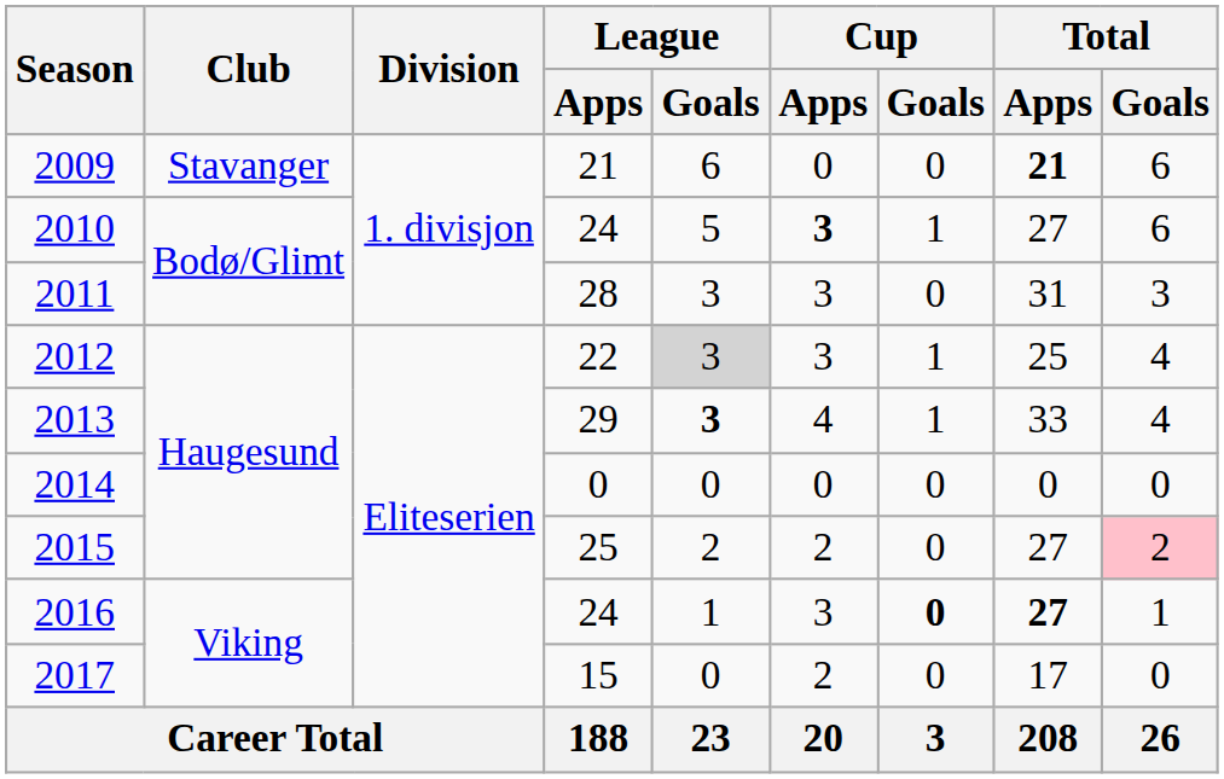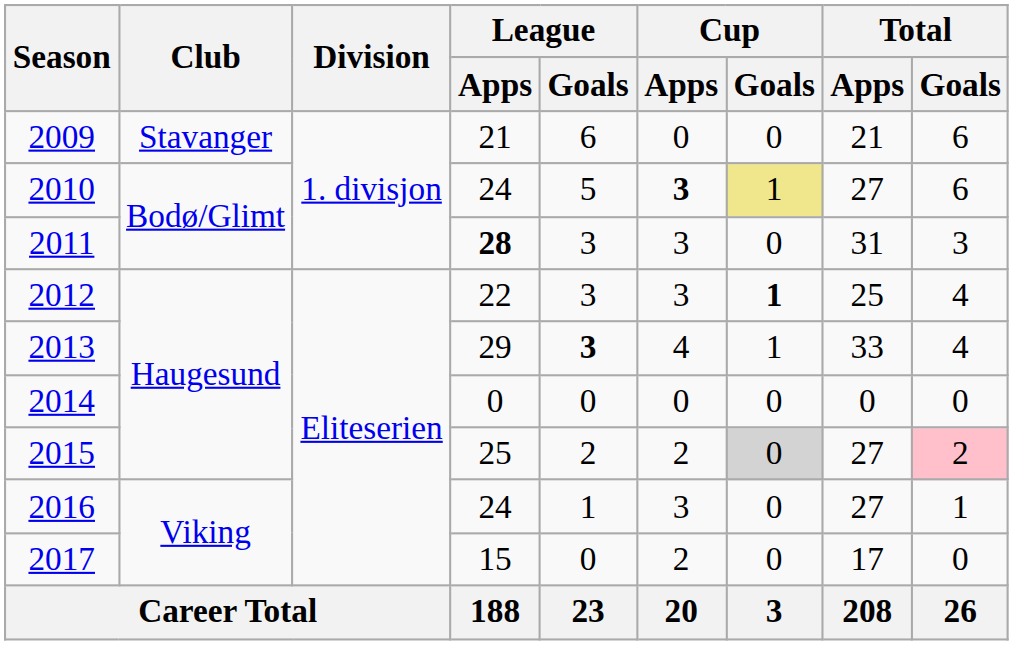 <table class="wikitable" style="text-align: center;">
 <tr>
 <th rowspan="2">Season</th>
 <th rowspan="2">Club</th>
 <th rowspan="2">Division</th>
 <th colspan="2">League</th>
 <th colspan="2">Cup</th>
 <th colspan="2">Total</th>
 </tr>
 <tr>
 <th>Apps</th>
 <th>Goals</th>
 <th>Apps</th>
 <th>Goals</th>
 <th>Apps</th>
 <th>Goals</th>
 </tr>
 <tr>
 <td><a href='#'>2009</a></td>
 <td rowspan="1" valign="center"><a href='#'>Stavanger</a></td>
 <td rowspan="3" valign="center"><a href='#'>1. divisjon</a></td>
 <td>21</td>
 <td>6</td>
 <td>0</td>
 <td>0</td>
-<td><strong>21</strong></td>
+<td>21</td>
 <td>6</td>
 </tr>
 <tr>
 <td><a href='#'>2010</a></td>
 <td rowspan="2" valign="center"><a href='#'>Bodø/Glimt</a></td>
 <td>24</td>
 <td>5</td>
 <td><strong>3</strong></td>
-<td>1</td>
+<td style="background: khaki;">1</td>
 <td>27</td>
 <td>6</td>
 </tr>
 <tr>
 <td><a href='#'>2011</a></td>
-<td>28</td>
+<td><strong>28</strong></td>
 <td>3</td>
 <td>3</td>
 <td>0</td>
 <td>31</td>
 <td>3</td>
 </tr>
 <tr>
 <td><a href='#'>2012</a></td>
 <td rowspan="4" valign="center"><a href='#'>Haugesund</a></td>
 <td rowspan="6" valign="center"><a href='#'>Eliteserien</a></td>
 <td>22</td>
-<td style="background: lightgrey;">3</td>
 <td>3</td>
-<td>1</td>
+<td>3</td>
+<td><strong>1</strong></td>
 <td>25</td>
 <td>4</td>
 </tr>
 <tr>
 <td><a href='#'>2013</a></td>
 <td>29</td>
 <td><strong>3</strong></td>
 <td>4</td>
 <td>1</td>
 <td>33</td>
 <td>4</td>
 </tr>
 <tr>
 <td><a href='#'>2014</a></td>
 <td>0</td>
 <td>0</td>
 <td>0</td>
 <td>0</td>
 <td>0</td>
 <td>0</td>
 </tr>
 <tr>
 <td><a href='#'>2015</a></td>
 <td>25</td>
 <td>2</td>
 <td>2</td>
-<td>0</td>
+<td style="background: lightgrey;">0</td>
 <td>27</td>
 <td style="background: pink;">2</td>
 </tr>
 <tr>
 <td><a href='#'>2016</a></td>
 <td rowspan="2" valign="center"><a href='#'>Viking</a></td>
 <td>24</td>
 <td>1</td>
 <td>3</td>
-<td><strong>0</strong></td>
-<td><strong>27</strong></td>
+<td>0</td>
+<td>27</td>
 <td>1</td>
 </tr>
 <tr>
 <td><a href='#'>2017</a></td>
 <td>15</td>
 <td>0</td>
 <td>2</td>
 <td>0</td>
 <td>17</td>
 <td>0</td>
 </tr>
 <tr>
 <th colspan="3">Career Total</th>
 <th>188</th>
 <th>23</th>
 <th>20</th>
 <th>3</th>
 <th>208</th>
 <th>26</th>
 </tr>
 </table>
